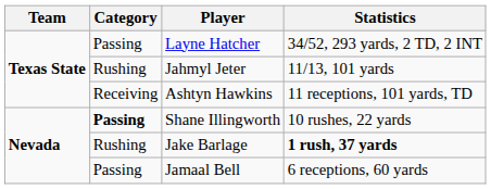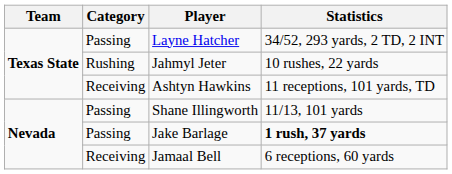 <table class="wikitable" style="float: left;">
 <tr>
 <th>Team</th>
 <th>Category</th>
 <th>Player</th>
 <th>Statistics</th>
 </tr>
 <tr>
 <td rowspan=3><strong>Texas State</strong></td>
 <td>Passing</td>
 <td><a href='#'>Layne Hatcher</a></td>
 <td>34/52, 293 yards, 2 TD, 2 INT</td>
 </tr>
 <tr>
 <td>Rushing</td>
 <td>Jahmyl Jeter</td>
-<td>11/13, 101 yards</td>
+<td>10 rushes, 22 yards</td>
 </tr>
 <tr>
 <td>Receiving</td>
 <td>Ashtyn Hawkins</td>
 <td>11 receptions, 101 yards, TD</td>
 </tr>
 <tr>
 <td rowspan=3><strong>Nevada</strong></td>
-<td><strong>Passing</strong></td>
+<td>Passing</td>
 <td>Shane Illingworth</td>
-<td>10 rushes, 22 yards</td>
+<td>11/13, 101 yards</td>
 </tr>
 <tr>
-<td>Rushing</td>
+<td>Passing</td>
 <td>Jake Barlage</td>
 <td><strong>1 rush, 37 yards</strong></td>
 </tr>
 <tr>
-<td>Passing</td>
+<td>Receiving</td>
 <td>Jamaal Bell</td>
 <td>6 receptions, 60 yards</td>
 </tr>
 </table>
